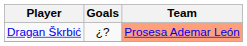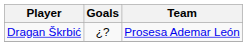 <table class="wikitable">
 <tr>
 <th>Player</th>
 <th>Goals</th>
 <th>Team</th>
 </tr>
 <tr>
 <td> <a href='#'>Dragan Škrbić</a></td>
 <td style="text-align:center;">¿?</td>
-<td style="background: lightsalmon;"><a href='#'>Prosesa Ademar León</a></td>
+<td><a href='#'>Prosesa Ademar León</a></td>
 </tr>
 <tr>
 </tr>
 </table>
